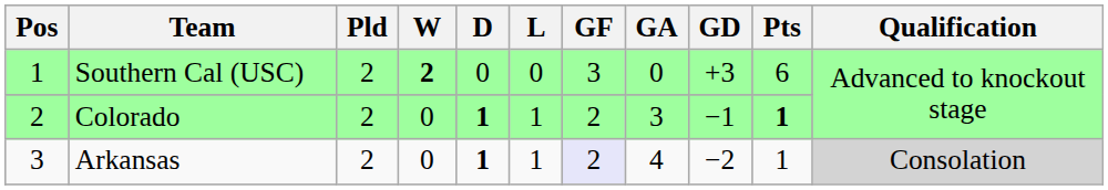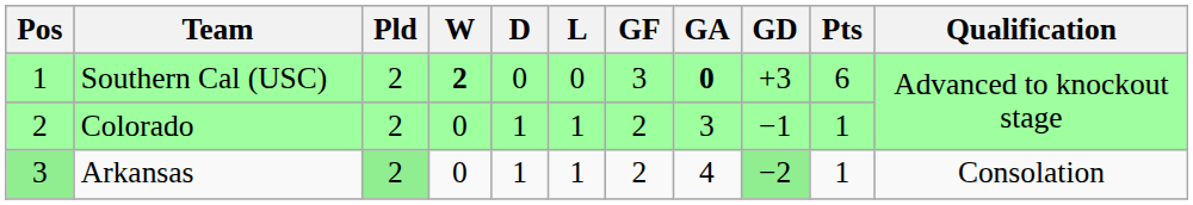 <table class="wikitable" style="text-align:center; margin: 1em auto">
 <tr>
 <th style=width:2em>Pos</th>
 <th style=width:13em>Team</th>
 <th style=width:2em>Pld</th>
 <th style=width:2em>W</th>
 <th style=width:2em>D</th>
 <th style=width:2em>L</th>
 <th style=width:2em>GF</th>
 <th style=width:2em>GA</th>
 <th style=width:2em>GD</th>
 <th style=width:2em>Pts</th>
 <th style=width:13em>Qualification</th>
 </tr>
 <tr bgcolor="#9eff9e">
 <td>1</td>
 <td style="text-align:left">Southern Cal (USC)</td>
 <td>2</td>
 <td><strong>2</strong></td>
 <td>0</td>
 <td>0</td>
 <td>3</td>
-<td>0</td>
+<td><strong>0</strong></td>
 <td>+3</td>
 <td>6</td>
 <td rowspan="2">Advanced to knockout stage</td>
 </tr>
 <tr bgcolor="#9eff9e">
 <td>2</td>
 <td style="text-align:left">Colorado</td>
 <td>2</td>
 <td>0</td>
-<td><strong>1</strong></td>
+<td>1</td>
 <td>1</td>
 <td>2</td>
 <td>3</td>
 <td>−1</td>
-<td><strong>1</strong></td>
+<td>1</td>
 </tr>
 <tr>
-<td>3</td>
+<td style="background: lightgreen;">3</td>
 <td style="text-align:left">Arkansas</td>
+<td style="background: lightgreen;">2</td>
+<td>0</td>
+<td>1</td>
+<td>1</td>
 <td>2</td>
-<td>0</td>
-<td><strong>1</strong></td>
+<td>4</td>
+<td style="background: lightgreen;">−2</td>
 <td>1</td>
-<td style="background: lavender;">2</td>
-<td>4</td>
-<td>−2</td>
-<td>1</td>
-<td style="background: lightgrey;">Consolation</td>
+<td>Consolation</td>
 </tr>
 </table>
